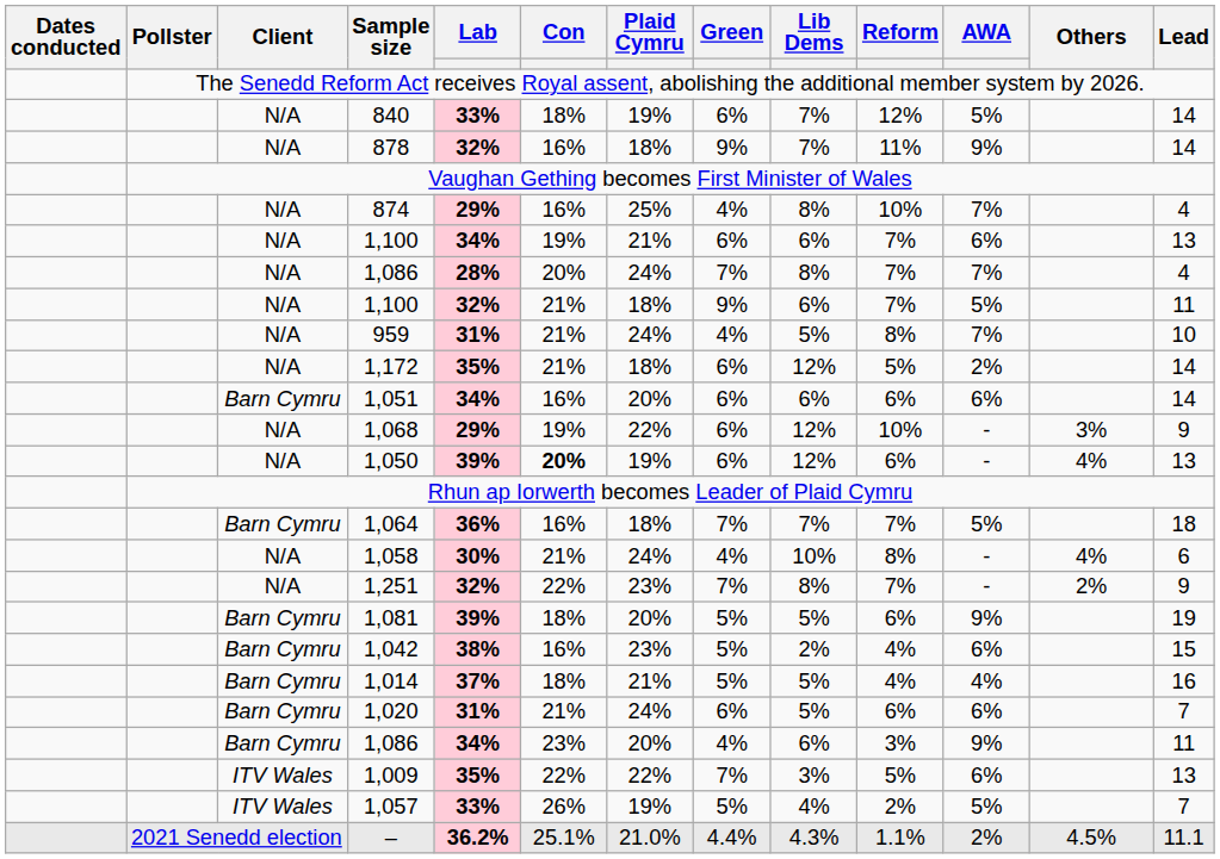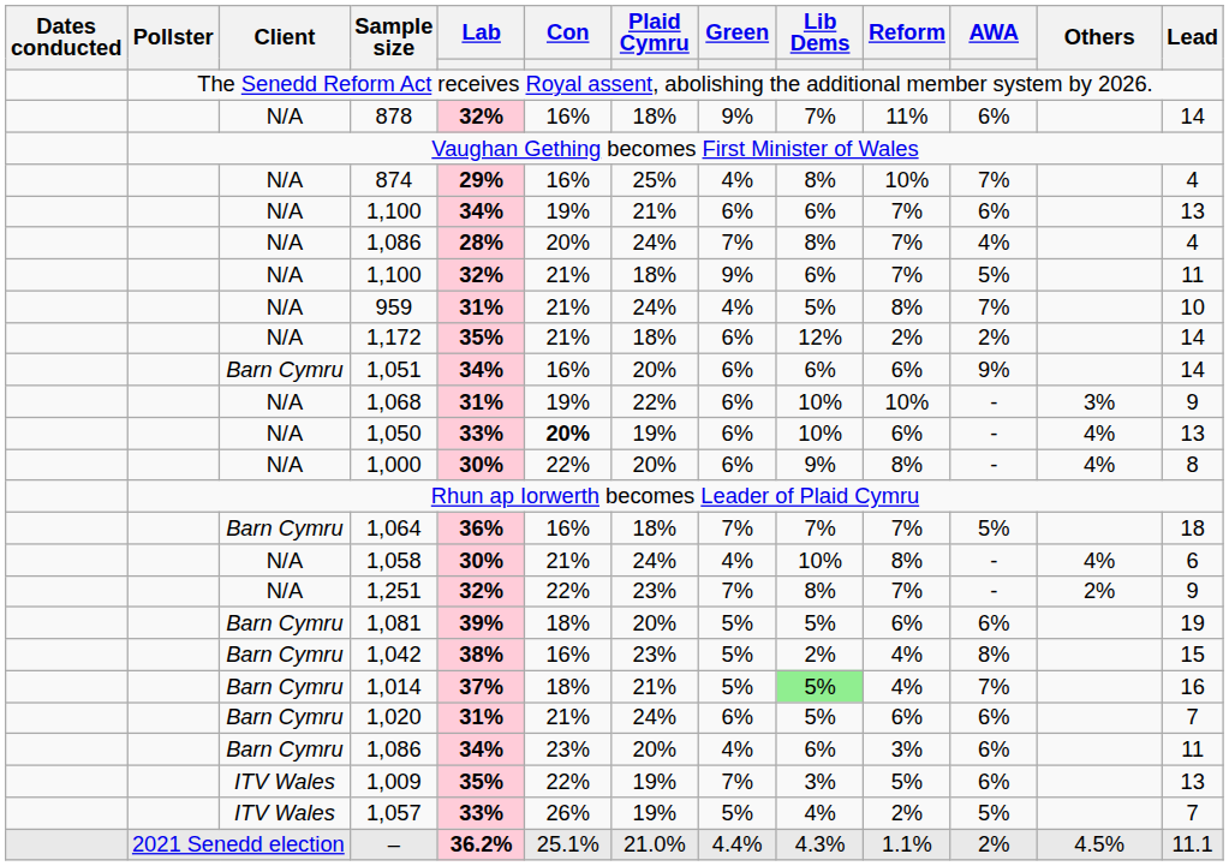 <table class="wikitable sortable mw-datatable" style="text-align:center;font-size:90%;line-height:14px;">
 <tr>
 <th rowspan="2">Dates<br>conducted</th>
 <th rowspan="2">Pollster</th>
 <th rowspan="2">Client</th>
 <th data-sort-type="number" rowspan="2">Sample<br>size</th>
 <th class="unsortable" style="width:50px;"><a href='#'>Lab</a></th>
 <th class="unsortable" style="width:50px;"><a href='#'>Con</a></th>
 <th class="unsortable" style="width:50px;"><a href='#'>Plaid Cymru</a></th>
 <th class="unsortable" style="width:45px;"><a href='#'>Green</a></th>
 <th class="unsortable" style="width:50px;"><a href='#'>Lib Dems</a></th>
 <th class="unsortable" style="width:50px;"><a href='#'>Reform</a></th>
 <th class="unsortable" style="width:50px;"><a href='#'>AWA</a></th>
 <th rowspan="2" class="unsortable" style="width:75px;">Others</th>
 <th data-sort-type="number" rowspan="2">Lead</th>
 </tr>
 <tr>
 <th data-sort-type="number" style="background:"></th>
 <th data-sort-type="number" style="background:"></th>
 <th data-sort-type="number" style="background:"></th>
 <th data-sort-type="number" style="background:"></th>
 <th data-sort-type="number" style="background:"></th>
 <th data-sort-type="number" style="background:"></th>
 <th data-sort-type="number" style="background:"></th>
 </tr>
 <tr>
 <td></td>
 <td colspan="12">The <a href='#'>Senedd Reform Act</a> receives <a href='#'>Royal assent</a>, abolishing the additional member system by 2026.</td>
 </tr>
 <tr>
 <td></td>
 <td></td>
 <td>N/A</td>
-<td>840</td>
-<td style="background:#FFCCD9;"><strong>33%</strong></td>
-<td>18%</td>
-<td>19%</td>
-<td>6%</td>
-<td>7%</td>
-<td>12%</td>
-<td>5%</td>
-<td></td>
-<td style="background:">14</td>
-</tr>
-<tr>
-<td></td>
-<td></td>
-<td>N/A</td>
 <td>878</td>
 <td style="background:#FFCCD9;"><strong>32%</strong></td>
 <td>16%</td>
 <td>18%</td>
 <td>9%</td>
 <td>7%</td>
 <td>11%</td>
-<td>9%</td>
+<td>6%</td>
 <td></td>
 <td style="background:">14</td>
 </tr>
 <tr>
 <td></td>
 <td colspan="12"><a href='#'>Vaughan Gething</a> becomes <a href='#'>First Minister of Wales</a></td>
 </tr>
 <tr>
 <td></td>
 <td></td>
 <td>N/A</td>
 <td>874</td>
 <td style="background:#FFCCD9;"><strong>29%</strong></td>
 <td>16%</td>
 <td>25%</td>
 <td>4%</td>
 <td>8%</td>
 <td>10%</td>
 <td>7%</td>
 <td></td>
 <td style="background:">4</td>
 </tr>
 <tr>
 <td></td>
 <td></td>
 <td>N/A</td>
 <td>1,100</td>
 <td style="background:#FFCCD9;"><strong>34%</strong></td>
 <td>19%</td>
 <td>21%</td>
 <td>6%</td>
 <td>6%</td>
 <td>7%</td>
 <td>6%</td>
 <td></td>
 <td style="background:">13</td>
 </tr>
 <tr>
 <td></td>
 <td></td>
 <td>N/A</td>
 <td>1,086</td>
 <td style="background:#FFCCD9;"><strong>28%</strong></td>
 <td>20%</td>
 <td>24%</td>
 <td>7%</td>
 <td>8%</td>
 <td>7%</td>
-<td>7%</td>
+<td>4%</td>
 <td></td>
 <td style="background:">4</td>
 </tr>
 <tr>
 <td></td>
 <td></td>
 <td>N/A</td>
 <td>1,100</td>
 <td style="background:#FFCCD9;"><strong>32%</strong></td>
 <td>21%</td>
 <td>18%</td>
 <td>9%</td>
 <td>6%</td>
 <td>7%</td>
 <td>5%</td>
 <td></td>
 <td style="background:">11</td>
 </tr>
 <tr>
 <td></td>
 <td></td>
 <td>N/A</td>
 <td>959</td>
 <td style="background:#FFCCD9;"><strong>31%</strong></td>
 <td>21%</td>
 <td>24%</td>
 <td>4%</td>
 <td>5%</td>
 <td>8%</td>
 <td>7%</td>
 <td></td>
 <td style="background:">10</td>
 </tr>
 <tr>
 <td></td>
 <td></td>
 <td>N/A</td>
 <td>1,172</td>
 <td style="background:#FFCCD9;"><strong>35%</strong></td>
 <td>21%</td>
 <td>18%</td>
 <td>6%</td>
 <td>12%</td>
-<td>5%</td>
+<td>2%</td>
 <td>2%</td>
 <td></td>
 <td style="background:">14</td>
 </tr>
 <tr>
 <td></td>
 <td></td>
 <td><em>Barn Cymru</em></td>
 <td>1,051</td>
 <td style="background:#FFCCD9;"><strong>34%</strong></td>
 <td>16%</td>
 <td>20%</td>
 <td>6%</td>
 <td>6%</td>
 <td>6%</td>
-<td>6%</td>
+<td>9%</td>
 <td></td>
 <td style="background:">14</td>
 </tr>
 <tr>
 <td></td>
 <td></td>
 <td>N/A</td>
 <td>1,068</td>
-<td style="background:#FFCCD9;"><strong>29%</strong></td>
+<td style="background:#FFCCD9;"><strong>31%</strong></td>
 <td>19%</td>
 <td>22%</td>
 <td>6%</td>
-<td>12%</td>
+<td>10%</td>
 <td>10%</td>
 <td>-</td>
 <td>3%</td>
 <td style="background:">9</td>
 </tr>
 <tr>
 <td></td>
 <td></td>
 <td>N/A</td>
 <td>1,050</td>
-<td style="background:#FFCCD9;"><strong>39%</strong></td>
+<td style="background:#FFCCD9;"><strong>33%</strong></td>
 <td><strong>20%</strong></td>
 <td>19%</td>
 <td>6%</td>
-<td>12%</td>
+<td>10%</td>
 <td>6%</td>
 <td>-</td>
 <td>4%</td>
 <td style="background:">13</td>
+</tr>
+<tr>
+<td></td>
+<td></td>
+<td>N/A</td>
+<td>1,000</td>
+<td style="background:#FFCCD9;"><strong>30%</strong></td>
+<td>22%</td>
+<td>20%</td>
+<td>6%</td>
+<td>9%</td>
+<td>8%</td>
+<td>-</td>
+<td>4%</td>
+<td style="background:">8</td>
 </tr>
 <tr>
 <td></td>
 <td colspan="12"><a href='#'>Rhun ap Iorwerth</a> becomes <a href='#'>Leader of Plaid Cymru</a></td>
 </tr>
 <tr>
 <td></td>
 <td></td>
 <td><em>Barn Cymru</em></td>
 <td>1,064</td>
 <td style="background:#FFCCD9;"><strong>36%</strong></td>
 <td>16%</td>
 <td>18%</td>
 <td>7%</td>
 <td>7%</td>
 <td>7%</td>
 <td>5%</td>
 <td></td>
 <td style="background:">18</td>
 </tr>
 <tr>
 <td></td>
 <td></td>
 <td>N/A</td>
 <td>1,058</td>
 <td style="background:#FFCCD9;"><strong>30%</strong></td>
 <td>21%</td>
 <td>24%</td>
 <td>4%</td>
 <td>10%</td>
 <td>8%</td>
 <td>-</td>
 <td>4%</td>
 <td style="background:">6</td>
 </tr>
 <tr>
 <td></td>
 <td></td>
 <td>N/A</td>
 <td>1,251</td>
 <td style="background:#FFCCD9;"><strong>32%</strong></td>
 <td>22%</td>
 <td>23%</td>
 <td>7%</td>
 <td>8%</td>
 <td>7%</td>
 <td>-</td>
 <td>2%</td>
 <td style="background:">9</td>
 </tr>
 <tr>
 <td></td>
 <td></td>
 <td><em>Barn Cymru</em></td>
 <td>1,081</td>
 <td style="background:#FFCCD9;"><strong>39%</strong></td>
 <td>18%</td>
 <td>20%</td>
 <td>5%</td>
 <td>5%</td>
 <td>6%</td>
-<td>9%</td>
+<td>6%</td>
 <td></td>
 <td style="background:">19</td>
 </tr>
 <tr>
 <td></td>
 <td></td>
 <td><em>Barn Cymru</em></td>
 <td>1,042</td>
 <td style="background:#FFCCD9;"><strong>38%</strong></td>
 <td>16%</td>
 <td>23%</td>
 <td>5%</td>
 <td>2%</td>
 <td>4%</td>
-<td>6%</td>
+<td>8%</td>
 <td></td>
 <td style="background:">15</td>
 </tr>
 <tr>
 <td></td>
 <td></td>
 <td><em>Barn Cymru</em></td>
 <td>1,014</td>
 <td style="background:#FFCCD9;"><strong>37%</strong></td>
 <td>18%</td>
 <td>21%</td>
 <td>5%</td>
-<td>5%</td>
+<td style="background: lightgreen;">5%</td>
 <td>4%</td>
-<td>4%</td>
+<td>7%</td>
 <td></td>
 <td style="background:">16</td>
 </tr>
 <tr>
 <td></td>
 <td></td>
 <td><em>Barn Cymru</em></td>
 <td>1,020</td>
 <td style="background:#FFCCD9;"><strong>31%</strong></td>
 <td>21%</td>
 <td>24%</td>
 <td>6%</td>
 <td>5%</td>
 <td>6%</td>
 <td>6%</td>
 <td></td>
 <td style="background:">7</td>
 </tr>
 <tr>
 <td></td>
 <td></td>
 <td><em>Barn Cymru</em></td>
 <td>1,086</td>
 <td style="background:#FFCCD9;"><strong>34%</strong></td>
 <td>23%</td>
 <td>20%</td>
 <td>4%</td>
 <td>6%</td>
 <td>3%</td>
-<td>9%</td>
+<td>6%</td>
 <td></td>
 <td style="background:">11</td>
 </tr>
 <tr>
 <td></td>
 <td></td>
 <td><em>ITV Wales</em></td>
 <td>1,009</td>
 <td style="background:#FFCCD9;"><strong>35%</strong></td>
 <td>22%</td>
-<td>22%</td>
+<td>19%</td>
 <td>7%</td>
 <td>3%</td>
 <td>5%</td>
 <td>6%</td>
 <td></td>
 <td style="background:">13</td>
 </tr>
 <tr>
 <td></td>
 <td></td>
 <td><em>ITV Wales</em></td>
 <td>1,057</td>
 <td style="background:#FFCCD9;"><strong>33%</strong></td>
 <td>26%</td>
 <td>19%</td>
 <td>5%</td>
 <td>4%</td>
 <td>2%</td>
 <td>5%</td>
 <td></td>
 <td style="background:">7</td>
 </tr>
 <tr style="background:#E9E9E9;">
 <td></td>
 <td colspan="2"><a href='#'>2021 Senedd election</a></td>
 <td>–</td>
 <td style="background:#FFCCD9;"><strong>36.2%</strong></td>
 <td>25.1%</td>
 <td>21.0%</td>
 <td>4.4%</td>
 <td>4.3%</td>
 <td>1.1%</td>
 <td>2%</td>
 <td>4.5%</td>
 <td style="background:">11.1</td>
 </tr>
 </table>
